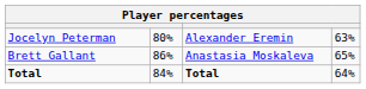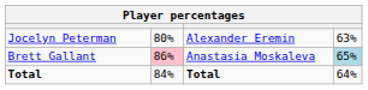 <table class="wikitable">
 <tr>
 <th colspan=4 width=400>Player percentages</th>
 </tr>
 <tr>
 <th colspan=2 width=200 style="white-space:nowrap;"></th>
 <th colspan=2 width=200 style="white-space:nowrap;"></th>
 </tr>
 <tr>
 <td><a href='#'>Jocelyn Peterman</a></td>
 <td>80%</td>
 <td><a href='#'>Alexander Eremin</a></td>
 <td>63%</td>
 </tr>
 <tr>
 <td><a href='#'>Brett Gallant</a></td>
-<td>86%</td>
+<td style="background: pink;">86%</td>
 <td><a href='#'>Anastasia Moskaleva</a></td>
-<td>65%</td>
+<td style="background: lightblue;">65%</td>
 </tr>
 <tr>
 <td><strong>Total</strong></td>
 <td>84%</td>
 <td><strong>Total</strong></td>
 <td>64%</td>
 </tr>
 </table>
